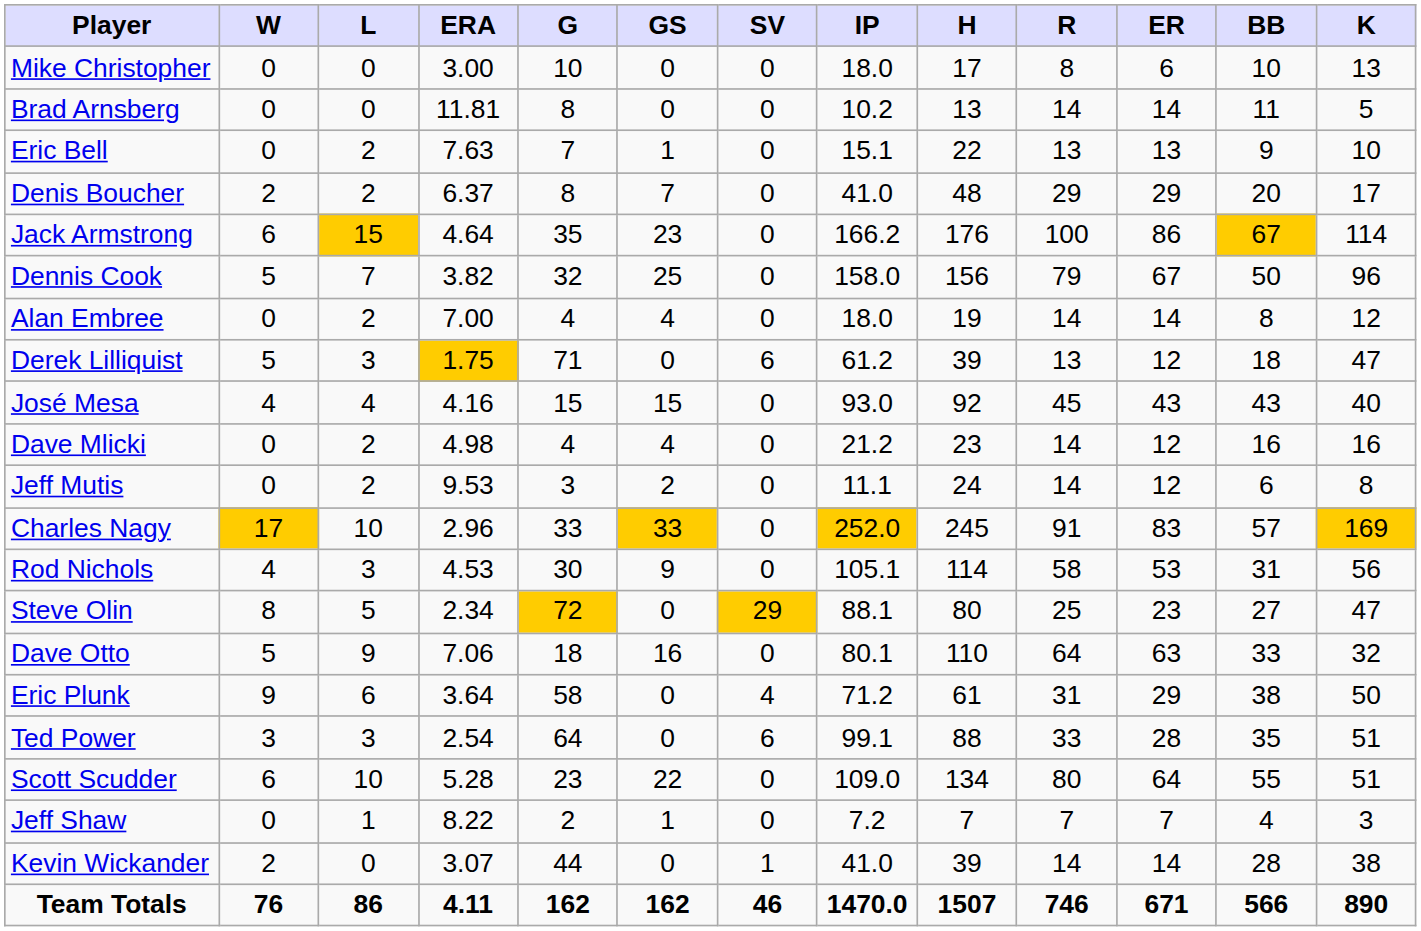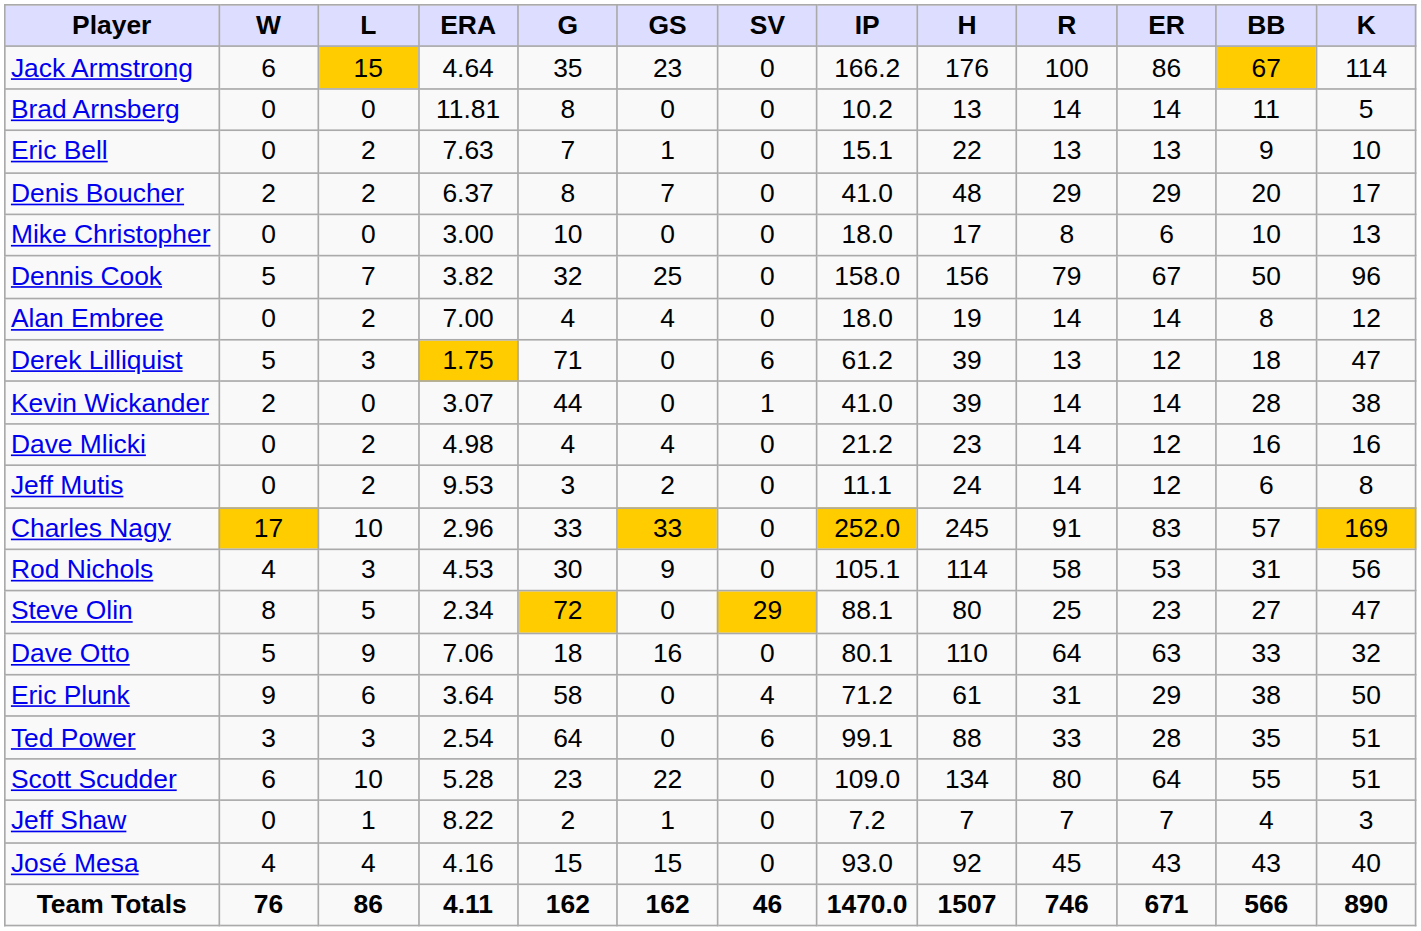 <table class="wikitable" style="text-align:center;">
 <tr>
 <th style="background:#ddf; width:15%;"><strong>Player</strong></th>
 <th style="background:#ddf; width:7%;"><strong>W</strong></th>
 <th style="background:#ddf; width:7%;"><strong>L</strong></th>
 <th style="background:#ddf; width:7%;"><strong>ERA</strong></th>
 <th style="background:#ddf; width:7%;"><strong>G</strong></th>
 <th style="background:#ddf; width:7%;"><strong>GS</strong></th>
 <th style="background:#ddf; width:7%;"><strong>SV</strong></th>
 <th style="background:#ddf; width:7%;"><strong>IP</strong></th>
 <th style="background:#ddf; width:7%;"><strong>H</strong></th>
 <th style="background:#ddf; width:7%;"><strong>R</strong></th>
 <th style="background:#ddf; width:7%;"><strong>ER</strong></th>
 <th style="background:#ddf; width:7%;"><strong>BB</strong></th>
 <th style="background:#ddf; width:7%;"><strong>K</strong></th>
 </tr>
 <tr>
-<td align=left><a href='#'>Mike Christopher</a></td>
+<td align=left><a href='#'>Jack Armstrong</a></td>
+<td>6</td>
+<td style="background:#fc0;">15</td>
+<td>4.64</td>
+<td>35</td>
+<td>23</td>
 <td>0</td>
-<td>0</td>
-<td>3.00</td>
-<td>10</td>
-<td>0</td>
-<td>0</td>
-<td>18.0</td>
-<td>17</td>
-<td>8</td>
-<td>6</td>
-<td>10</td>
-<td>13</td>
+<td>166.2</td>
+<td>176</td>
+<td>100</td>
+<td>86</td>
+<td style="background:#fc0;">67</td>
+<td>114</td>
 </tr>
 <tr>
 <td align=left><a href='#'>Brad Arnsberg</a></td>
 <td>0</td>
 <td>0</td>
 <td>11.81</td>
 <td>8</td>
 <td>0</td>
 <td>0</td>
 <td>10.2</td>
 <td>13</td>
 <td>14</td>
 <td>14</td>
 <td>11</td>
 <td>5</td>
 </tr>
 <tr>
 <td align=left><a href='#'>Eric Bell</a></td>
 <td>0</td>
 <td>2</td>
 <td>7.63</td>
 <td>7</td>
 <td>1</td>
 <td>0</td>
 <td>15.1</td>
 <td>22</td>
 <td>13</td>
 <td>13</td>
 <td>9</td>
 <td>10</td>
 </tr>
 <tr>
 <td align=left><a href='#'>Denis Boucher</a></td>
 <td>2</td>
 <td>2</td>
 <td>6.37</td>
 <td>8</td>
 <td>7</td>
 <td>0</td>
 <td>41.0</td>
 <td>48</td>
 <td>29</td>
 <td>29</td>
 <td>20</td>
 <td>17</td>
 </tr>
 <tr>
-<td align=left><a href='#'>Jack Armstrong</a></td>
+<td align=left><a href='#'>Mike Christopher</a></td>
+<td>0</td>
+<td>0</td>
+<td>3.00</td>
+<td>10</td>
+<td>0</td>
+<td>0</td>
+<td>18.0</td>
+<td>17</td>
+<td>8</td>
 <td>6</td>
-<td style="background:#fc0;">15</td>
-<td>4.64</td>
-<td>35</td>
-<td>23</td>
-<td>0</td>
-<td>166.2</td>
-<td>176</td>
-<td>100</td>
-<td>86</td>
-<td style="background:#fc0;">67</td>
-<td>114</td>
+<td>10</td>
+<td>13</td>
 </tr>
 <tr>
 <td align=left><a href='#'>Dennis Cook</a></td>
 <td>5</td>
 <td>7</td>
 <td>3.82</td>
 <td>32</td>
 <td>25</td>
 <td>0</td>
 <td>158.0</td>
 <td>156</td>
 <td>79</td>
 <td>67</td>
 <td>50</td>
 <td>96</td>
 </tr>
 <tr>
 <td align=left><a href='#'>Alan Embree</a></td>
 <td>0</td>
 <td>2</td>
 <td>7.00</td>
 <td>4</td>
 <td>4</td>
 <td>0</td>
 <td>18.0</td>
 <td>19</td>
 <td>14</td>
 <td>14</td>
 <td>8</td>
 <td>12</td>
 </tr>
 <tr>
 <td align=left><a href='#'>Derek Lilliquist</a></td>
 <td>5</td>
 <td>3</td>
 <td style="background:#fc0;">1.75</td>
 <td>71</td>
 <td>0</td>
 <td>6</td>
 <td>61.2</td>
 <td>39</td>
 <td>13</td>
 <td>12</td>
 <td>18</td>
 <td>47</td>
 </tr>
 <tr>
-<td align=left><a href='#'>José Mesa</a></td>
-<td>4</td>
-<td>4</td>
-<td>4.16</td>
-<td>15</td>
-<td>15</td>
+<td align=left><a href='#'>Kevin Wickander</a></td>
+<td>2</td>
 <td>0</td>
-<td>93.0</td>
-<td>92</td>
-<td>45</td>
-<td>43</td>
-<td>43</td>
-<td>40</td>
+<td>3.07</td>
+<td>44</td>
+<td>0</td>
+<td>1</td>
+<td>41.0</td>
+<td>39</td>
+<td>14</td>
+<td>14</td>
+<td>28</td>
+<td>38</td>
 </tr>
 <tr>
 <td align=left><a href='#'>Dave Mlicki</a></td>
 <td>0</td>
 <td>2</td>
 <td>4.98</td>
 <td>4</td>
 <td>4</td>
 <td>0</td>
 <td>21.2</td>
 <td>23</td>
 <td>14</td>
 <td>12</td>
 <td>16</td>
 <td>16</td>
 </tr>
 <tr>
 <td align=left><a href='#'>Jeff Mutis</a></td>
 <td>0</td>
 <td>2</td>
 <td>9.53</td>
 <td>3</td>
 <td>2</td>
 <td>0</td>
 <td>11.1</td>
 <td>24</td>
 <td>14</td>
 <td>12</td>
 <td>6</td>
 <td>8</td>
 </tr>
 <tr>
 <td align=left><a href='#'>Charles Nagy</a></td>
 <td style="background:#fc0;">17</td>
 <td>10</td>
 <td>2.96</td>
 <td>33</td>
 <td style="background:#fc0;">33</td>
 <td>0</td>
 <td style="background:#fc0;">252.0</td>
 <td>245</td>
 <td>91</td>
 <td>83</td>
 <td>57</td>
 <td style="background:#fc0;">169</td>
 </tr>
 <tr>
 <td align=left><a href='#'>Rod Nichols</a></td>
 <td>4</td>
 <td>3</td>
 <td>4.53</td>
 <td>30</td>
 <td>9</td>
 <td>0</td>
 <td>105.1</td>
 <td>114</td>
 <td>58</td>
 <td>53</td>
 <td>31</td>
 <td>56</td>
 </tr>
 <tr>
 <td align=left><a href='#'>Steve Olin</a></td>
 <td>8</td>
 <td>5</td>
 <td>2.34</td>
 <td style="background:#fc0;">72</td>
 <td>0</td>
 <td style="background:#fc0;">29</td>
 <td>88.1</td>
 <td>80</td>
 <td>25</td>
 <td>23</td>
 <td>27</td>
 <td>47</td>
 </tr>
 <tr>
 <td align=left><a href='#'>Dave Otto</a></td>
 <td>5</td>
 <td>9</td>
 <td>7.06</td>
 <td>18</td>
 <td>16</td>
 <td>0</td>
 <td>80.1</td>
 <td>110</td>
 <td>64</td>
 <td>63</td>
 <td>33</td>
 <td>32</td>
 </tr>
 <tr>
 <td align=left><a href='#'>Eric Plunk</a></td>
 <td>9</td>
 <td>6</td>
 <td>3.64</td>
 <td>58</td>
 <td>0</td>
 <td>4</td>
 <td>71.2</td>
 <td>61</td>
 <td>31</td>
 <td>29</td>
 <td>38</td>
 <td>50</td>
 </tr>
 <tr>
 <td align=left><a href='#'>Ted Power</a></td>
 <td>3</td>
 <td>3</td>
 <td>2.54</td>
 <td>64</td>
 <td>0</td>
 <td>6</td>
 <td>99.1</td>
 <td>88</td>
 <td>33</td>
 <td>28</td>
 <td>35</td>
 <td>51</td>
 </tr>
 <tr>
 <td align=left><a href='#'>Scott Scudder</a></td>
 <td>6</td>
 <td>10</td>
 <td>5.28</td>
 <td>23</td>
 <td>22</td>
 <td>0</td>
 <td>109.0</td>
 <td>134</td>
 <td>80</td>
 <td>64</td>
 <td>55</td>
 <td>51</td>
 </tr>
 <tr>
 <td align=left><a href='#'>Jeff Shaw</a></td>
 <td>0</td>
 <td>1</td>
 <td>8.22</td>
 <td>2</td>
 <td>1</td>
 <td>0</td>
 <td>7.2</td>
 <td>7</td>
 <td>7</td>
 <td>7</td>
 <td>4</td>
 <td>3</td>
 </tr>
 <tr>
-<td align=left><a href='#'>Kevin Wickander</a></td>
-<td>2</td>
+<td align=left><a href='#'>José Mesa</a></td>
+<td>4</td>
+<td>4</td>
+<td>4.16</td>
+<td>15</td>
+<td>15</td>
 <td>0</td>
-<td>3.07</td>
-<td>44</td>
-<td>0</td>
-<td>1</td>
-<td>41.0</td>
-<td>39</td>
-<td>14</td>
-<td>14</td>
-<td>28</td>
-<td>38</td>
+<td>93.0</td>
+<td>92</td>
+<td>45</td>
+<td>43</td>
+<td>43</td>
+<td>40</td>
 </tr>
 <tr class="sortbottom">
 <td><strong>Team Totals</strong></td>
 <td><strong>76</strong></td>
 <td><strong>86</strong></td>
 <td><strong>4.11</strong></td>
 <td><strong>162</strong></td>
 <td><strong>162</strong></td>
 <td><strong>46</strong></td>
 <td><strong>1470.0</strong></td>
 <td><strong>1507</strong></td>
 <td><strong>746</strong></td>
 <td><strong>671</strong></td>
 <td><strong>566</strong></td>
 <td><strong>890</strong></td>
 </tr>
 </table>
